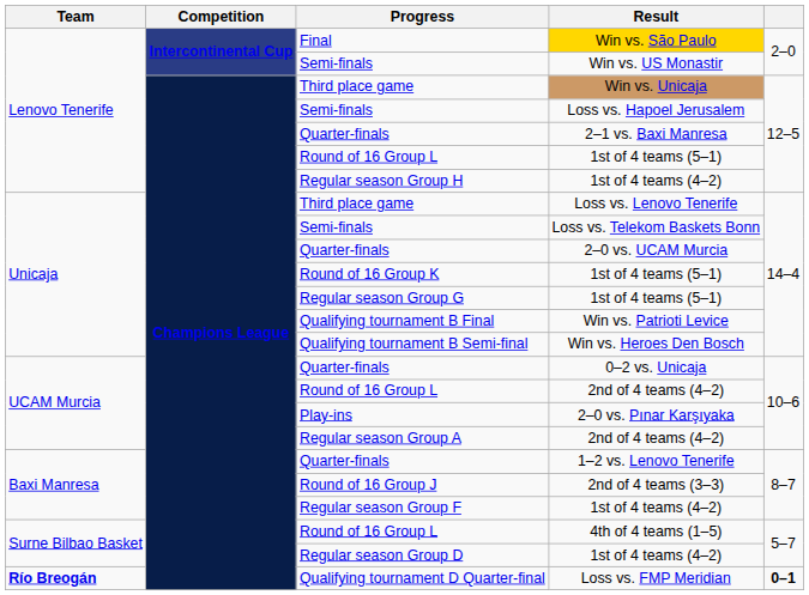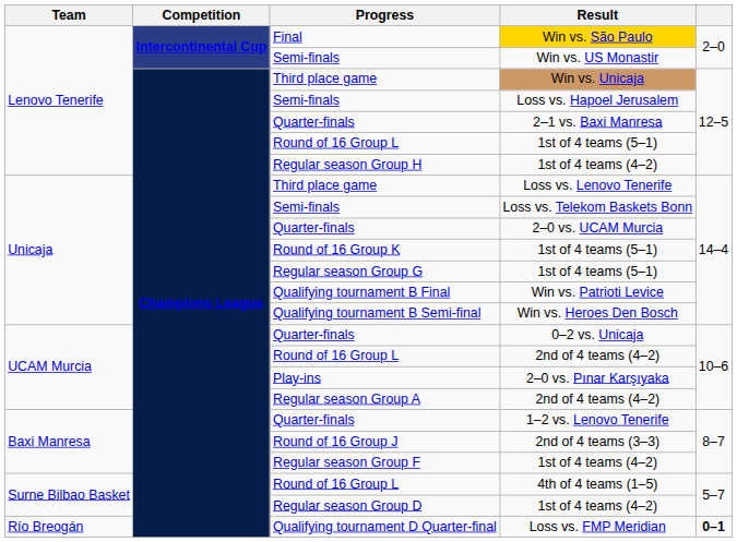 <table class="wikitable sortable">
 <tr>
 <th>Team</th>
 <th>Competition</th>
 <th>Progress</th>
 <th>Result</th>
 <th></th>
 </tr>
 <tr>
 <td rowspan="7"><a href='#'>Lenovo Tenerife</a></td>
 <td rowspan="2" style="background-color:#2A3C85;color:#FFFFFF;text-align:center"><strong><a href='#'><span>Intercontinental Cup</span></a></strong></td>
 <td><a href='#'>Final</a></td>
 <td style="background-color:#FFD700;text-align:center">Win vs.  <a href='#'>São Paulo</a></td>
 <td rowspan="2" style="text-align:center">2–0</td>
 </tr>
 <tr>
 <td><a href='#'>Semi-finals</a></td>
 <td style="text-align:center">Win vs.  <a href='#'>US Monastir</a></td>
 </tr>
 <tr>
 <td rowspan="22" style="background-color:#071D49;color:#D0D3D4;text-align:center"><strong><a href='#'><span>Champions League</span></a></strong></td>
 <td><a href='#'>Third place game</a></td>
 <td style="background-color:#C96;text-align:center">Win vs.  <a href='#'>Unicaja</a></td>
 <td rowspan="5" style="text-align:center">12–5</td>
 </tr>
 <tr>
 <td><a href='#'>Semi-finals</a></td>
 <td style="text-align:center">Loss vs.  <a href='#'>Hapoel Jerusalem</a></td>
 </tr>
 <tr>
 <td><a href='#'>Quarter-finals</a></td>
 <td style="text-align:center">2–1 vs.  <a href='#'>Baxi Manresa</a></td>
 </tr>
 <tr>
 <td><a href='#'>Round of 16 Group L</a></td>
 <td style="text-align:center">1st of 4 teams (5–1)</td>
 </tr>
 <tr>
 <td><a href='#'>Regular season Group H</a></td>
 <td style="text-align:center">1st of 4 teams (4–2)</td>
 </tr>
 <tr>
 <td rowspan="7"><a href='#'>Unicaja</a></td>
 <td><a href='#'>Third place game</a></td>
 <td style="text-align:center">Loss vs.  <a href='#'>Lenovo Tenerife</a></td>
 <td rowspan="7" style="text-align:center">14–4</td>
 </tr>
 <tr>
 <td><a href='#'>Semi-finals</a></td>
 <td style="text-align:center">Loss vs.  <a href='#'>Telekom Baskets Bonn</a></td>
 </tr>
 <tr>
 <td><a href='#'>Quarter-finals</a></td>
 <td style="text-align:center">2–0 vs.  <a href='#'>UCAM Murcia</a></td>
 </tr>
 <tr>
 <td><a href='#'>Round of 16 Group K</a></td>
 <td style="text-align:center">1st of 4 teams (5–1)</td>
 </tr>
 <tr>
 <td><a href='#'>Regular season Group G</a></td>
 <td style="text-align:center">1st of 4 teams (5–1)</td>
 </tr>
 <tr>
 <td><a href='#'>Qualifying tournament B Final</a></td>
 <td style="text-align:center">Win vs.  <a href='#'>Patrioti Levice</a></td>
 </tr>
 <tr>
 <td><a href='#'>Qualifying tournament B Semi-final</a></td>
 <td style="text-align:center">Win vs.  <a href='#'>Heroes Den Bosch</a></td>
 </tr>
 <tr>
 <td rowspan="4"><a href='#'>UCAM Murcia</a></td>
 <td><a href='#'>Quarter-finals</a></td>
 <td style="text-align:center">0–2 vs.  <a href='#'>Unicaja</a></td>
 <td rowspan="4" style="text-align:center">10–6</td>
 </tr>
 <tr>
 <td><a href='#'>Round of 16 Group L</a></td>
 <td style="text-align:center">2nd of 4 teams (4–2)</td>
 </tr>
 <tr>
 <td><a href='#'>Play-ins</a></td>
 <td style="text-align:center">2–0 vs.  <a href='#'>Pınar Karşıyaka</a></td>
 </tr>
 <tr>
 <td><a href='#'>Regular season Group A</a></td>
 <td style="text-align:center">2nd of 4 teams (4–2)</td>
 </tr>
 <tr>
 <td rowspan="3"><a href='#'>Baxi Manresa</a></td>
 <td><a href='#'>Quarter-finals</a></td>
 <td style="text-align:center">1–2 vs.  <a href='#'>Lenovo Tenerife</a></td>
 <td rowspan="3" style="text-align:center">8–7</td>
 </tr>
 <tr>
 <td><a href='#'>Round of 16 Group J</a></td>
 <td style="text-align:center">2nd of 4 teams (3–3)</td>
 </tr>
 <tr>
 <td><a href='#'>Regular season Group F</a></td>
 <td style="text-align:center">1st of 4 teams (4–2)</td>
 </tr>
 <tr>
 <td rowspan="2"><a href='#'>Surne Bilbao Basket</a></td>
 <td><a href='#'>Round of 16 Group L</a></td>
 <td style="text-align:center">4th of 4 teams (1–5)</td>
 <td rowspan="2" style="text-align:center">5–7</td>
 </tr>
 <tr>
 <td><a href='#'>Regular season Group D</a></td>
 <td style="text-align:center">1st of 4 teams (4–2)</td>
 </tr>
 <tr>
-<td><strong><a href='#'>Río Breogán</a></strong></td>
+<td><a href='#'>Río Breogán</a></td>
 <td><a href='#'>Qualifying tournament D Quarter-final</a></td>
 <td style="text-align:center">Loss vs.  <a href='#'>FMP Meridian</a></td>
 <td style="text-align:center"><strong>0–1</strong></td>
 </tr>
 </table>
